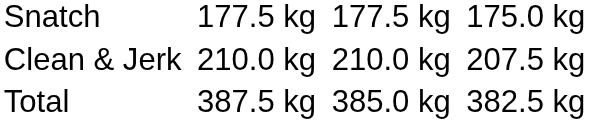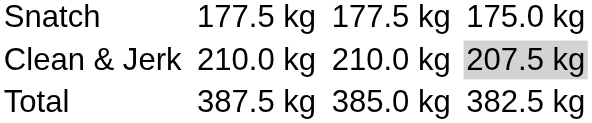 <table>
 <tr>
 <td>Snatch</td>
 <td></td>
 <td>177.5 kg</td>
 <td></td>
 <td>177.5 kg</td>
 <td></td>
 <td>175.0 kg</td>
 </tr>
 <tr>
 <td>Clean & Jerk</td>
 <td></td>
 <td>210.0 kg</td>
 <td></td>
 <td>210.0 kg</td>
 <td></td>
-<td>207.5 kg</td>
+<td style="background: lightgrey;">207.5 kg</td>
 </tr>
 <tr>
 <td>Total</td>
 <td></td>
 <td>387.5 kg</td>
 <td></td>
 <td>385.0 kg</td>
 <td></td>
 <td>382.5 kg</td>
 </tr>
 </table>
